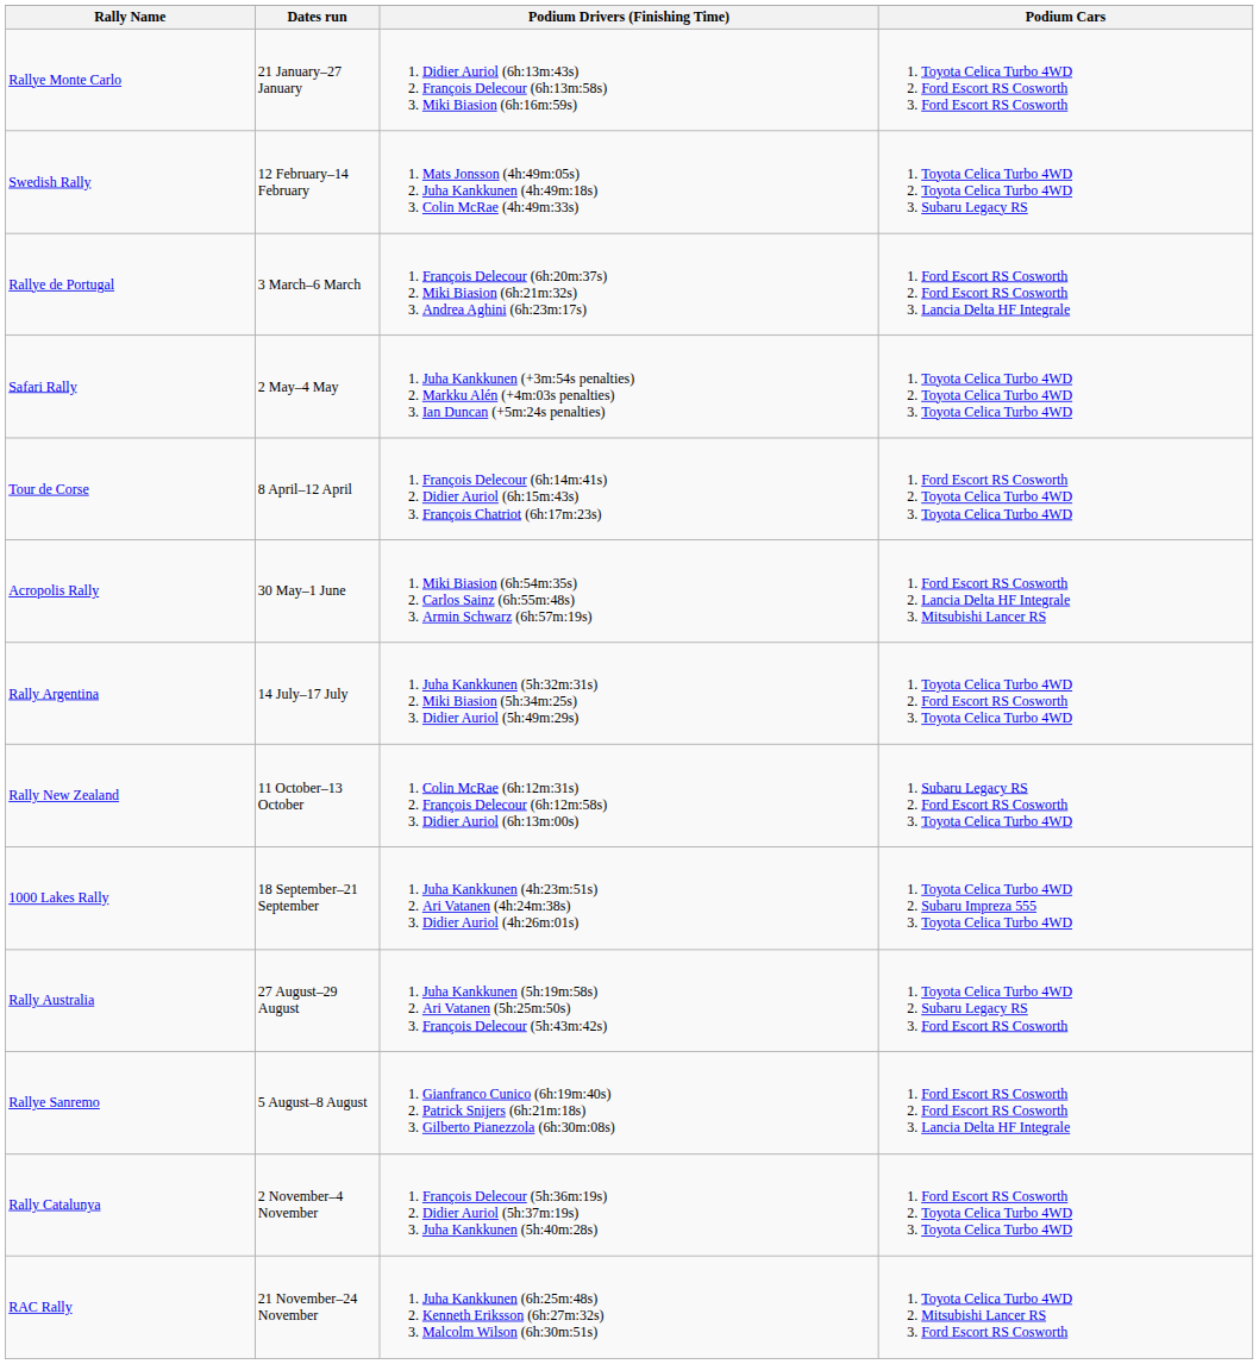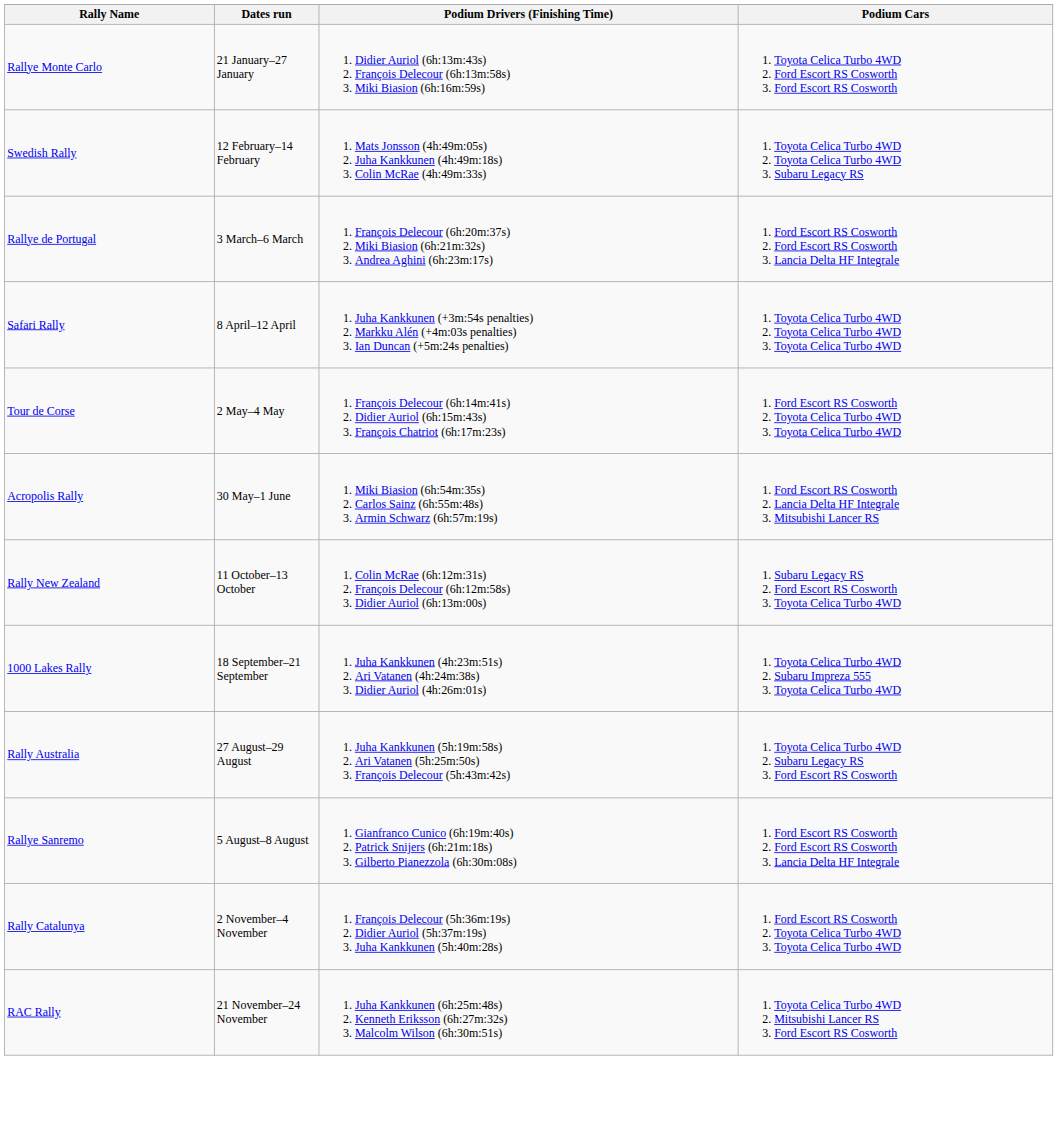 <table class="wikitable" width=100% align="center" style="font-size: 90%;">
 <tr>
 </tr>
 <tr style="background:#efefef;">
 <th colspan=1 width=20%>Rally Name</th>
 <th colspan=1 width=10%>Dates run</th>
 <th colspan=1 width=40%>Podium Drivers (Finishing Time)</th>
 <th colspan=1 width=30%>Podium Cars</th>
 </tr>
 <tr>
 <td> <a href='#'>Rallye Monte Carlo</a></td>
 <td>21 January–27 January</td>
 <td><br><ol><li> <a href='#'>Didier Auriol</a> (6h:13m:43s)</li><li> <a href='#'>François Delecour</a> (6h:13m:58s)</li><li> <a href='#'>Miki Biasion</a> (6h:16m:59s)</li></ol></td>
 <td><br><ol><li><a href='#'>Toyota Celica Turbo 4WD</a></li><li><a href='#'>Ford Escort RS Cosworth</a></li><li><a href='#'>Ford Escort RS Cosworth</a></li></ol></td>
 </tr>
 <tr>
 <td> <a href='#'>Swedish Rally</a></td>
 <td>12 February–14 February</td>
 <td><br><ol><li> <a href='#'>Mats Jonsson</a> (4h:49m:05s)</li><li> <a href='#'>Juha Kankkunen</a> (4h:49m:18s)</li><li> <a href='#'>Colin McRae</a> (4h:49m:33s)</li></ol></td>
 <td><br><ol><li><a href='#'>Toyota Celica Turbo 4WD</a></li><li><a href='#'>Toyota Celica Turbo 4WD</a></li><li><a href='#'>Subaru Legacy RS</a></li></ol></td>
 </tr>
 <tr>
 <td> <a href='#'>Rallye de Portugal</a></td>
 <td>3 March–6 March</td>
 <td><br><ol><li> <a href='#'>François Delecour</a> (6h:20m:37s)</li><li> <a href='#'>Miki Biasion</a> (6h:21m:32s)</li><li> <a href='#'>Andrea Aghini</a> (6h:23m:17s)</li></ol></td>
 <td><br><ol><li><a href='#'>Ford Escort RS Cosworth</a></li><li><a href='#'>Ford Escort RS Cosworth</a></li><li><a href='#'>Lancia Delta HF Integrale</a></li></ol></td>
 </tr>
 <tr>
 <td> <a href='#'>Safari Rally</a></td>
-<td>2 May–4 May</td>
+<td>8 April–12 April</td>
 <td><br><ol><li> <a href='#'>Juha Kankkunen</a> (+3m:54s penalties)</li><li> <a href='#'>Markku Alén</a> (+4m:03s penalties)</li><li> <a href='#'>Ian Duncan</a> (+5m:24s penalties)</li></ol></td>
 <td><br><ol><li><a href='#'>Toyota Celica Turbo 4WD</a></li><li><a href='#'>Toyota Celica Turbo 4WD</a></li><li><a href='#'>Toyota Celica Turbo 4WD</a></li></ol></td>
 </tr>
 <tr>
 <td> <a href='#'>Tour de Corse</a></td>
-<td>8 April–12 April</td>
+<td>2 May–4 May</td>
 <td><br><ol><li> <a href='#'>François Delecour</a> (6h:14m:41s)</li><li> <a href='#'>Didier Auriol</a> (6h:15m:43s)</li><li> <a href='#'>François Chatriot</a> (6h:17m:23s)</li></ol></td>
 <td><br><ol><li><a href='#'>Ford Escort RS Cosworth</a></li><li><a href='#'>Toyota Celica Turbo 4WD</a></li><li><a href='#'>Toyota Celica Turbo 4WD</a></li></ol></td>
 </tr>
 <tr>
 <td> <a href='#'>Acropolis Rally</a></td>
 <td>30 May–1 June</td>
 <td><br><ol><li> <a href='#'>Miki Biasion</a> (6h:54m:35s)</li><li> <a href='#'>Carlos Sainz</a> (6h:55m:48s)</li><li> <a href='#'>Armin Schwarz</a> (6h:57m:19s)</li></ol></td>
 <td><br><ol><li><a href='#'>Ford Escort RS Cosworth</a></li><li><a href='#'>Lancia Delta HF Integrale</a></li><li><a href='#'>Mitsubishi Lancer RS</a></li></ol></td>
-</tr>
-<tr>
-<td> <a href='#'>Rally Argentina</a></td>
-<td>14 July–17 July</td>
-<td><br><ol><li> <a href='#'>Juha Kankkunen</a> (5h:32m:31s)</li><li> <a href='#'>Miki Biasion</a> (5h:34m:25s)</li><li> <a href='#'>Didier Auriol</a> (5h:49m:29s)</li></ol></td>
-<td><br><ol><li><a href='#'>Toyota Celica Turbo 4WD</a></li><li><a href='#'>Ford Escort RS Cosworth</a></li><li><a href='#'>Toyota Celica Turbo 4WD</a></li></ol></td>
 </tr>
 <tr>
 <td> <a href='#'>Rally New Zealand</a></td>
 <td>11 October–13 October</td>
 <td><br><ol><li> <a href='#'>Colin McRae</a> (6h:12m:31s)</li><li> <a href='#'>François Delecour</a> (6h:12m:58s)</li><li> <a href='#'>Didier Auriol</a> (6h:13m:00s)</li></ol></td>
 <td><br><ol><li><a href='#'>Subaru Legacy RS</a></li><li><a href='#'>Ford Escort RS Cosworth</a></li><li><a href='#'>Toyota Celica Turbo 4WD</a></li></ol></td>
 </tr>
 <tr>
 <td> <a href='#'>1000 Lakes Rally</a></td>
 <td>18 September–21 September</td>
 <td><br><ol><li> <a href='#'>Juha Kankkunen</a> (4h:23m:51s)</li><li> <a href='#'>Ari Vatanen</a> (4h:24m:38s)</li><li> <a href='#'>Didier Auriol</a> (4h:26m:01s)</li></ol></td>
 <td><br><ol><li><a href='#'>Toyota Celica Turbo 4WD</a></li><li><a href='#'>Subaru Impreza 555</a></li><li><a href='#'>Toyota Celica Turbo 4WD</a></li></ol></td>
 </tr>
 <tr>
 <td> <a href='#'>Rally Australia</a></td>
 <td>27 August–29 August</td>
 <td><br><ol><li> <a href='#'>Juha Kankkunen</a> (5h:19m:58s)</li><li> <a href='#'>Ari Vatanen</a> (5h:25m:50s)</li><li> <a href='#'>François Delecour</a> (5h:43m:42s)</li></ol></td>
 <td><br><ol><li><a href='#'>Toyota Celica Turbo 4WD</a></li><li><a href='#'>Subaru Legacy RS</a></li><li><a href='#'>Ford Escort RS Cosworth</a></li></ol></td>
 </tr>
 <tr>
 <td> <a href='#'>Rallye Sanremo</a></td>
 <td>5 August–8 August</td>
 <td><br><ol><li> <a href='#'>Gianfranco Cunico</a> (6h:19m:40s)</li><li> <a href='#'>Patrick Snijers</a> (6h:21m:18s)</li><li> <a href='#'>Gilberto Pianezzola</a> (6h:30m:08s)</li></ol></td>
 <td><br><ol><li><a href='#'>Ford Escort RS Cosworth</a></li><li><a href='#'>Ford Escort RS Cosworth</a></li><li><a href='#'>Lancia Delta HF Integrale</a></li></ol></td>
 </tr>
 <tr>
 <td> <a href='#'>Rally Catalunya</a></td>
 <td>2 November–4 November</td>
 <td><br><ol><li> <a href='#'>François Delecour</a> (5h:36m:19s)</li><li> <a href='#'>Didier Auriol</a> (5h:37m:19s)</li><li> <a href='#'>Juha Kankkunen</a> (5h:40m:28s)</li></ol></td>
 <td><br><ol><li><a href='#'>Ford Escort RS Cosworth</a></li><li><a href='#'>Toyota Celica Turbo 4WD</a></li><li><a href='#'>Toyota Celica Turbo 4WD</a></li></ol></td>
 </tr>
 <tr>
 <td> <a href='#'>RAC Rally</a></td>
 <td>21 November–24 November</td>
 <td><br><ol><li> <a href='#'>Juha Kankkunen</a> (6h:25m:48s)</li><li> <a href='#'>Kenneth Eriksson</a> (6h:27m:32s)</li><li> <a href='#'>Malcolm Wilson</a> (6h:30m:51s)</li></ol></td>
 <td><br><ol><li><a href='#'>Toyota Celica Turbo 4WD</a></li><li><a href='#'>Mitsubishi Lancer RS</a></li><li><a href='#'>Ford Escort RS Cosworth</a></li></ol></td>
 </tr>
 </table>
